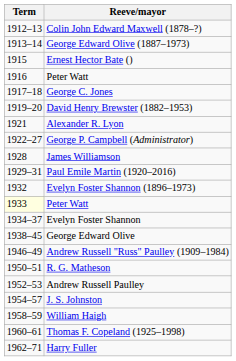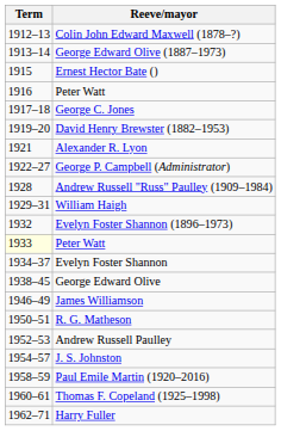 <table class="wikitable">
 <tr>
 <th>Term</th>
 <th>Reeve/mayor</th>
 </tr>
 <tr>
 <td>1912–13</td>
 <td><a href='#'>Colin John Edward Maxwell</a> (1878–?)</td>
 </tr>
 <tr>
 <td>1913–14</td>
 <td><a href='#'>George Edward Olive</a> (1887–1973)</td>
 </tr>
 <tr>
 <td>1915</td>
 <td><a href='#'>Ernest Hector Bate</a> ()</td>
 </tr>
 <tr>
 <td>1916</td>
 <td>Peter Watt</td>
 </tr>
 <tr>
 <td>1917–18</td>
 <td><a href='#'>George C. Jones</a></td>
 </tr>
 <tr>
 <td>1919–20</td>
 <td><a href='#'>David Henry Brewster</a> (1882–1953)</td>
 </tr>
 <tr>
 <td>1921</td>
 <td><a href='#'>Alexander R. Lyon</a></td>
 </tr>
 <tr>
 <td>1922–27</td>
 <td><a href='#'>George P. Campbell</a> (<em>Administrator</em>)</td>
 </tr>
 <tr>
 <td>1928</td>
-<td><a href='#'>James Williamson</a></td>
+<td><a href='#'>Andrew Russell "Russ" Paulley</a> (1909–1984)</td>
 </tr>
 <tr>
 <td>1929–31</td>
-<td><a href='#'>Paul Emile Martin</a> (1920–2016)</td>
+<td><a href='#'>William Haigh</a></td>
 </tr>
 <tr>
 <td>1932</td>
 <td><a href='#'>Evelyn Foster Shannon</a> (1896–1973)</td>
 </tr>
 <tr>
 <td style="background: lightyellow;">1933</td>
 <td><a href='#'>Peter Watt</a></td>
 </tr>
 <tr>
 <td>1934–37</td>
 <td>Evelyn Foster Shannon</td>
 </tr>
 <tr>
 <td>1938–45</td>
 <td>George Edward Olive</td>
 </tr>
 <tr>
 <td>1946–49</td>
-<td><a href='#'>Andrew Russell "Russ" Paulley</a> (1909–1984)</td>
+<td><a href='#'>James Williamson</a></td>
 </tr>
 <tr>
 <td>1950–51</td>
 <td><a href='#'>R. G. Matheson</a></td>
 </tr>
 <tr>
 <td>1952–53</td>
 <td>Andrew Russell Paulley</td>
 </tr>
 <tr>
 <td>1954–57</td>
 <td><a href='#'>J. S. Johnston</a></td>
 </tr>
 <tr>
 <td>1958–59</td>
-<td><a href='#'>William Haigh</a></td>
+<td><a href='#'>Paul Emile Martin</a> (1920–2016)</td>
 </tr>
 <tr>
 <td>1960–61</td>
 <td><a href='#'>Thomas F. Copeland</a> (1925–1998)</td>
 </tr>
 <tr>
 <td>1962–71</td>
 <td><a href='#'>Harry Fuller</a></td>
 </tr>
 </table>
